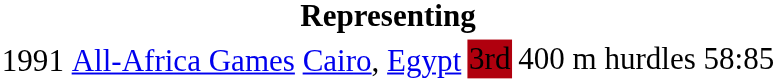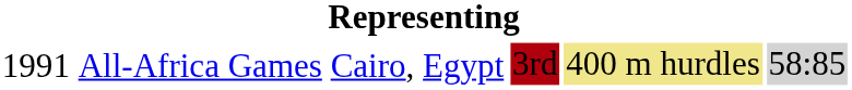 <table>
 <tr>
 <th colspan="6">Representing </th>
 </tr>
 <tr>
 <td rowspan=3>1991</td>
 <td rowspan=2><a href='#'>All-Africa Games</a></td>
 <td rowspan=2><a href='#'>Cairo</a>, <a href='#'>Egypt</a></td>
 <td bgcolor="bronze">3rd</td>
-<td>400 m hurdles</td>
-<td>58:85</td>
+<td style="background: khaki;">400 m hurdles</td>
+<td style="background: lightgrey;">58:85</td>
 </tr>
 <tr>
 </tr>
 </table>
